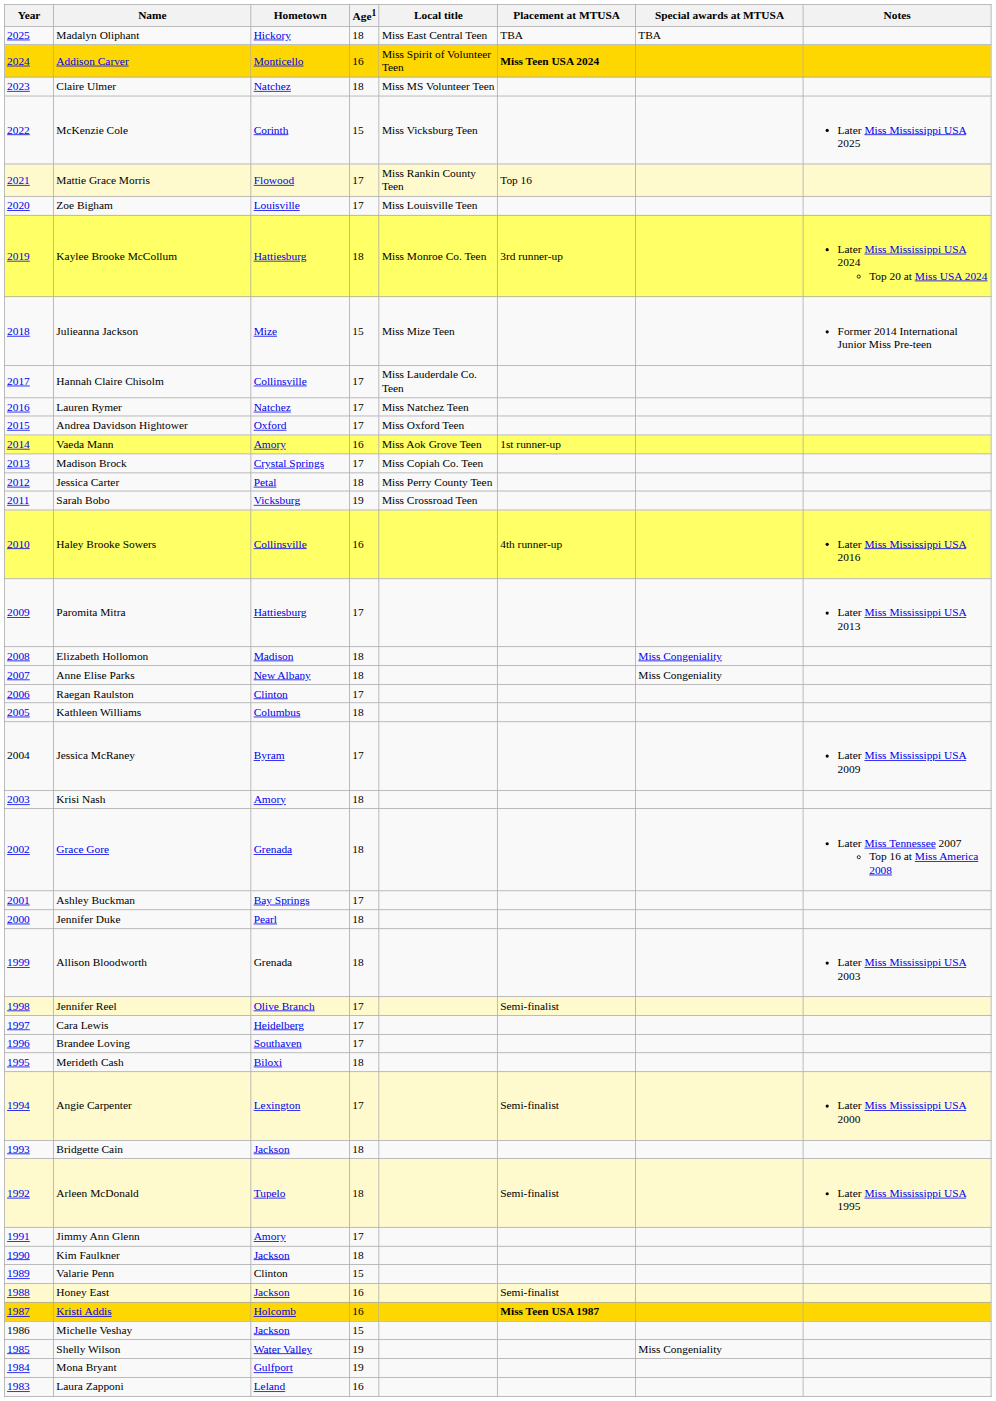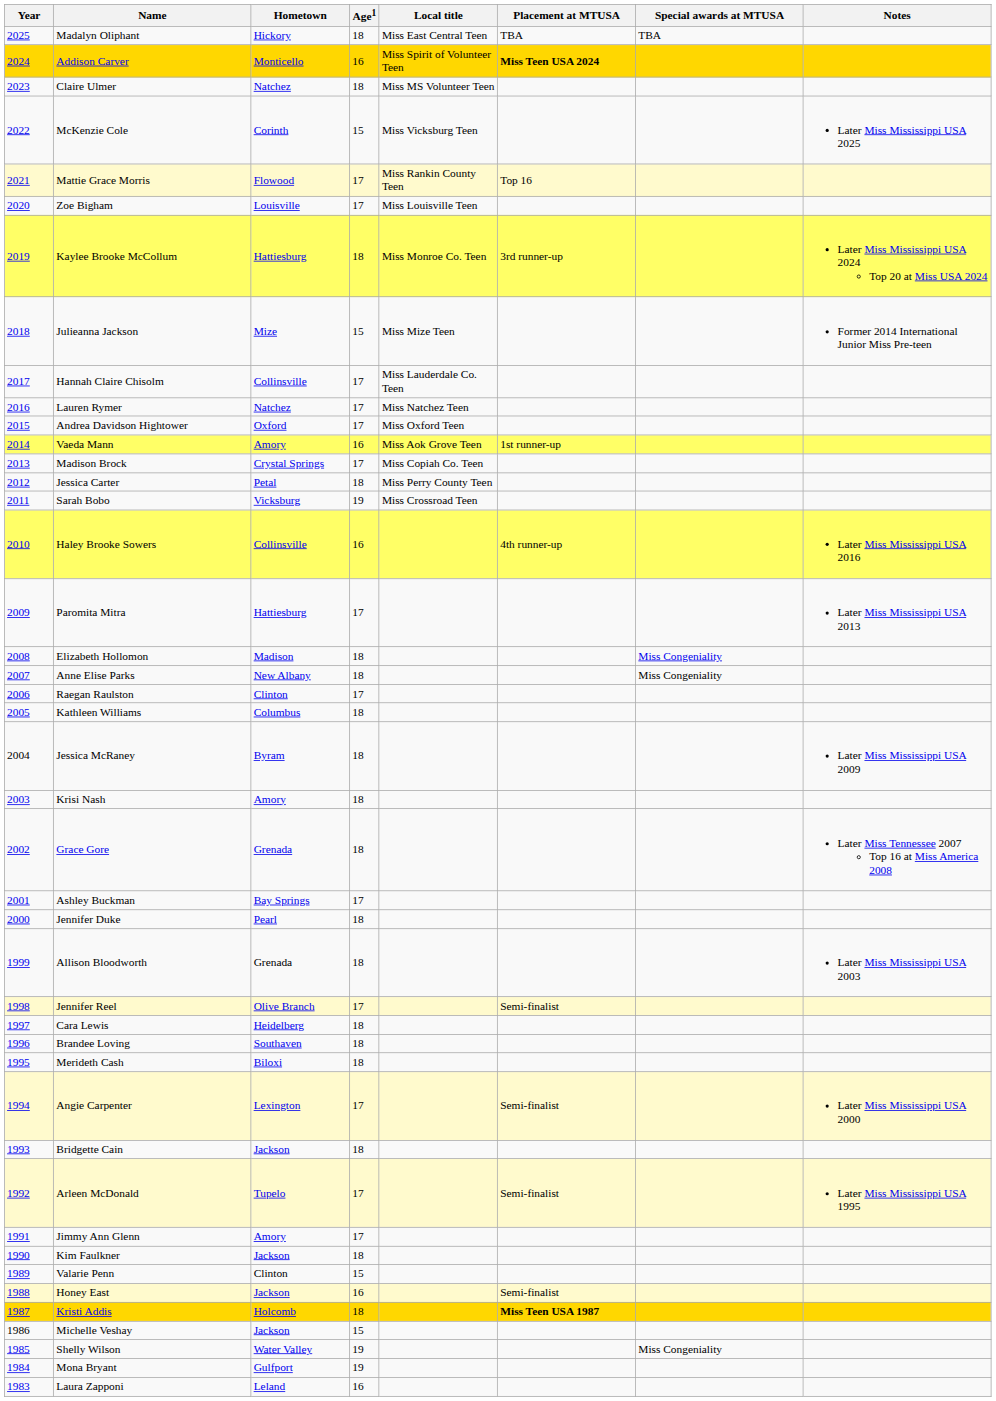 <table class="wikitable"style="font-size:90%;">
 <tr bgcolor="#efefef">
 <th width=5%>Year</th>
 <th width=20%>Name</th>
 <th width=10%>Hometown</th>
 <th width=3%>Age<sup>1</sup></th>
 <th width=12%>Local title</th>
 <th width=14%>Placement at MTUSA</th>
 <th width=17%>Special awards at MTUSA</th>
 <th width=31%>Notes</th>
 </tr>
 <tr>
 <td><a href='#'>2025</a></td>
 <td>Madalyn Oliphant</td>
 <td><a href='#'>Hickory</a></td>
 <td>18</td>
 <td>Miss East Central Teen</td>
 <td>TBA</td>
 <td>TBA</td>
 <td></td>
 </tr>
 <tr style="background-color:GOLD;”">
 <td><a href='#'>2024</a></td>
 <td><a href='#'>Addison Carver</a></td>
 <td><a href='#'>Monticello</a></td>
 <td>16</td>
 <td>Miss Spirit of Volunteer Teen</td>
 <td><strong>Miss Teen USA 2024</strong></td>
 <td></td>
 <td></td>
 </tr>
 <tr>
 <td><a href='#'>2023</a></td>
 <td>Claire Ulmer</td>
 <td><a href='#'>Natchez</a></td>
 <td>18</td>
 <td>Miss MS Volunteer Teen</td>
 <td></td>
 <td></td>
 <td></td>
 </tr>
 <tr>
 <td><a href='#'>2022</a></td>
 <td>McKenzie Cole</td>
 <td><a href='#'>Corinth</a></td>
 <td>15</td>
 <td>Miss Vicksburg Teen</td>
 <td></td>
 <td></td>
 <td><br><ul><li>Later <a href='#'>Miss Mississippi USA</a> 2025</li></ul></td>
 </tr>
 <tr style="background-color:#FFFACD">
 <td><a href='#'>2021</a></td>
 <td>Mattie Grace Morris</td>
 <td><a href='#'>Flowood</a></td>
 <td>17</td>
 <td>Miss Rankin County Teen</td>
 <td>Top 16</td>
 <td></td>
 <td></td>
 </tr>
 <tr>
 <td><a href='#'>2020</a></td>
 <td>Zoe Bigham</td>
 <td><a href='#'>Louisville</a></td>
 <td>17</td>
 <td>Miss Louisville Teen</td>
 <td></td>
 <td></td>
 <td></td>
 </tr>
 <tr style="background-color:#FFFF66;">
 <td><a href='#'>2019</a></td>
 <td>Kaylee Brooke McCollum</td>
 <td><a href='#'>Hattiesburg</a></td>
 <td>18</td>
 <td>Miss Monroe Co. Teen</td>
 <td>3rd runner-up</td>
 <td></td>
 <td><br><ul><li>Later <a href='#'>Miss Mississippi USA</a> 2024<ul><li>Top 20 at <a href='#'>Miss USA 2024</a></li></ul></li></ul></td>
 </tr>
 <tr>
 <td><a href='#'>2018</a></td>
 <td>Julieanna Jackson</td>
 <td><a href='#'>Mize</a></td>
 <td>15</td>
 <td>Miss Mize Teen</td>
 <td></td>
 <td></td>
 <td><br><ul><li>Former 2014 International Junior Miss Pre-teen</li></ul></td>
 </tr>
 <tr>
 <td><a href='#'>2017</a></td>
 <td>Hannah Claire Chisolm</td>
 <td><a href='#'>Collinsville</a></td>
 <td>17</td>
 <td>Miss Lauderdale Co. Teen</td>
 <td></td>
 <td></td>
 <td></td>
 </tr>
 <tr>
 <td><a href='#'>2016</a></td>
 <td>Lauren Rymer</td>
 <td><a href='#'>Natchez</a></td>
 <td>17</td>
 <td>Miss Natchez Teen</td>
 <td></td>
 <td></td>
 <td></td>
 </tr>
 <tr>
 <td><a href='#'>2015</a></td>
 <td>Andrea Davidson Hightower</td>
 <td><a href='#'>Oxford</a></td>
 <td>17</td>
 <td>Miss Oxford Teen</td>
 <td></td>
 <td></td>
 <td></td>
 </tr>
 <tr style="background-color:#FFFF66;”">
 <td><a href='#'>2014</a></td>
 <td>Vaeda Mann</td>
 <td><a href='#'>Amory</a></td>
 <td>16</td>
 <td>Miss Aok Grove Teen</td>
 <td>1st runner-up</td>
 <td></td>
 <td></td>
 </tr>
 <tr>
 <td><a href='#'>2013</a></td>
 <td>Madison Brock</td>
 <td><a href='#'>Crystal Springs</a></td>
 <td>17</td>
 <td>Miss Copiah Co. Teen</td>
 <td></td>
 <td></td>
 <td></td>
 </tr>
 <tr>
 <td><a href='#'>2012</a></td>
 <td>Jessica Carter</td>
 <td><a href='#'>Petal</a></td>
 <td>18</td>
 <td>Miss Perry County Teen</td>
 <td></td>
 <td></td>
 <td></td>
 </tr>
 <tr>
 <td><a href='#'>2011</a></td>
 <td>Sarah Bobo</td>
 <td><a href='#'>Vicksburg</a></td>
 <td>19</td>
 <td>Miss Crossroad Teen</td>
 <td></td>
 <td></td>
 <td></td>
 </tr>
 <tr style="background-color:#FFFF66;”">
 <td><a href='#'>2010</a></td>
 <td>Haley Brooke Sowers</td>
 <td><a href='#'>Collinsville</a></td>
 <td>16</td>
 <td></td>
 <td>4th runner-up</td>
 <td></td>
 <td><br><ul><li>Later <a href='#'>Miss Mississippi USA</a> 2016</li></ul></td>
 </tr>
 <tr>
 <td><a href='#'>2009</a></td>
 <td>Paromita Mitra</td>
 <td><a href='#'>Hattiesburg</a></td>
 <td>17</td>
 <td></td>
 <td></td>
 <td></td>
 <td><br><ul><li>Later <a href='#'>Miss Mississippi USA</a> 2013</li></ul></td>
 </tr>
 <tr>
 <td><a href='#'>2008</a></td>
 <td>Elizabeth Hollomon</td>
 <td><a href='#'>Madison</a></td>
 <td>18</td>
 <td></td>
 <td></td>
 <td><a href='#'>Miss Congeniality</a></td>
 <td></td>
 </tr>
 <tr>
 <td><a href='#'>2007</a></td>
 <td>Anne Elise Parks</td>
 <td><a href='#'>New Albany</a></td>
 <td>18</td>
 <td></td>
 <td></td>
 <td>Miss Congeniality</td>
 <td></td>
 </tr>
 <tr>
 <td><a href='#'>2006</a></td>
 <td>Raegan Raulston</td>
 <td><a href='#'>Clinton</a></td>
 <td>17</td>
 <td></td>
 <td></td>
 <td></td>
 <td></td>
 </tr>
 <tr>
 <td><a href='#'>2005</a></td>
 <td>Kathleen Williams</td>
 <td><a href='#'>Columbus</a></td>
 <td>18</td>
 <td></td>
 <td></td>
 <td></td>
 <td></td>
 </tr>
 <tr>
 <td>2004</td>
 <td>Jessica McRaney</td>
 <td><a href='#'>Byram</a></td>
-<td>17</td>
+<td>18</td>
 <td></td>
 <td></td>
 <td></td>
 <td><br><ul><li>Later <a href='#'>Miss Mississippi USA</a> 2009</li></ul></td>
 </tr>
 <tr>
 <td><a href='#'>2003</a></td>
 <td>Krisi Nash</td>
 <td><a href='#'>Amory</a></td>
 <td>18</td>
 <td></td>
 <td></td>
 <td></td>
 <td></td>
 </tr>
 <tr>
 <td><a href='#'>2002</a></td>
 <td><a href='#'>Grace Gore</a></td>
 <td><a href='#'>Grenada</a></td>
 <td>18</td>
 <td></td>
 <td></td>
 <td></td>
 <td><br><ul><li>Later <a href='#'>Miss Tennessee</a> 2007<ul><li>Top 16 at <a href='#'>Miss America 2008</a></li></ul></li></ul></td>
 </tr>
 <tr>
 <td><a href='#'>2001</a></td>
 <td>Ashley Buckman</td>
 <td><a href='#'>Bay Springs</a></td>
 <td>17</td>
 <td></td>
 <td></td>
 <td></td>
 <td></td>
 </tr>
 <tr>
 <td><a href='#'>2000</a></td>
 <td>Jennifer Duke</td>
 <td><a href='#'>Pearl</a></td>
 <td>18</td>
 <td></td>
 <td></td>
 <td></td>
 <td></td>
 </tr>
 <tr>
 <td><a href='#'>1999</a></td>
 <td>Allison Bloodworth</td>
 <td>Grenada</td>
 <td>18</td>
 <td></td>
 <td></td>
 <td></td>
 <td><br><ul><li>Later <a href='#'>Miss Mississippi USA</a> 2003</li></ul></td>
 </tr>
 <tr style="background-color:#FFFACD;”">
 <td><a href='#'>1998</a></td>
 <td>Jennifer Reel</td>
 <td><a href='#'>Olive Branch</a></td>
 <td>17</td>
 <td></td>
 <td>Semi-finalist</td>
 <td></td>
 <td></td>
 </tr>
 <tr>
 <td><a href='#'>1997</a></td>
 <td>Cara Lewis</td>
 <td><a href='#'>Heidelberg</a></td>
-<td>17</td>
+<td>18</td>
 <td></td>
 <td></td>
 <td></td>
 <td></td>
 </tr>
 <tr>
 <td><a href='#'>1996</a></td>
 <td>Brandee Loving</td>
 <td><a href='#'>Southaven</a></td>
-<td>17</td>
+<td>18</td>
 <td></td>
 <td></td>
 <td></td>
 <td></td>
 </tr>
 <tr>
 <td><a href='#'>1995</a></td>
 <td>Merideth Cash</td>
 <td><a href='#'>Biloxi</a></td>
 <td>18</td>
 <td></td>
 <td></td>
 <td></td>
 <td></td>
 </tr>
 <tr style="background-color:#FFFACD;”">
 <td><a href='#'>1994</a></td>
 <td>Angie Carpenter</td>
 <td><a href='#'>Lexington</a></td>
 <td>17</td>
 <td></td>
 <td>Semi-finalist</td>
 <td></td>
 <td><br><ul><li>Later <a href='#'>Miss Mississippi USA</a> 2000</li></ul></td>
 </tr>
 <tr>
 <td><a href='#'>1993</a></td>
 <td>Bridgette Cain</td>
 <td><a href='#'>Jackson</a></td>
 <td>18</td>
 <td></td>
 <td></td>
 <td></td>
 <td></td>
 </tr>
 <tr style="background-color:#FFFACD;”">
 <td><a href='#'>1992</a></td>
 <td>Arleen McDonald</td>
 <td><a href='#'>Tupelo</a></td>
-<td>18</td>
+<td>17</td>
 <td></td>
 <td>Semi-finalist</td>
 <td></td>
 <td><br><ul><li>Later <a href='#'>Miss Mississippi USA</a> 1995</li></ul></td>
 </tr>
 <tr>
 <td><a href='#'>1991</a></td>
 <td>Jimmy Ann Glenn</td>
 <td><a href='#'>Amory</a></td>
 <td>17</td>
 <td></td>
 <td></td>
 <td></td>
 <td></td>
 </tr>
 <tr>
 <td><a href='#'>1990</a></td>
 <td>Kim Faulkner</td>
 <td><a href='#'>Jackson</a></td>
 <td>18</td>
 <td></td>
 <td></td>
 <td></td>
 <td></td>
 </tr>
 <tr>
 <td><a href='#'>1989</a></td>
 <td>Valarie Penn</td>
 <td>Clinton</td>
 <td>15</td>
 <td></td>
 <td></td>
 <td></td>
 <td></td>
 </tr>
 <tr style="background-color:#FFFACD;”">
 <td><a href='#'>1988</a></td>
 <td>Honey East</td>
 <td><a href='#'>Jackson</a></td>
 <td>16</td>
 <td></td>
 <td>Semi-finalist</td>
 <td></td>
 <td></td>
 </tr>
 <tr style="background-color:GOLD;”">
 <td><a href='#'>1987</a></td>
 <td><a href='#'>Kristi Addis</a></td>
 <td><a href='#'>Holcomb</a></td>
-<td>16</td>
+<td>18</td>
 <td></td>
 <td><strong>Miss Teen USA 1987</strong></td>
 <td></td>
 <td></td>
 </tr>
 <tr>
 <td>1986</td>
 <td>Michelle Veshay</td>
 <td><a href='#'>Jackson</a></td>
 <td>15</td>
 <td></td>
 <td></td>
 <td></td>
 <td></td>
 </tr>
 <tr>
 <td><a href='#'>1985</a></td>
 <td>Shelly Wilson</td>
 <td><a href='#'>Water Valley</a></td>
 <td>19</td>
 <td></td>
 <td></td>
 <td>Miss Congeniality</td>
 <td></td>
 </tr>
 <tr>
 <td><a href='#'>1984</a></td>
 <td>Mona Bryant</td>
 <td><a href='#'>Gulfport</a></td>
 <td>19</td>
 <td></td>
 <td></td>
 <td></td>
 <td></td>
 </tr>
 <tr>
 <td><a href='#'>1983</a></td>
 <td>Laura Zapponi</td>
 <td><a href='#'>Leland</a></td>
 <td>16</td>
 <td></td>
 <td></td>
 <td></td>
 <td></td>
 </tr>
 </table>
